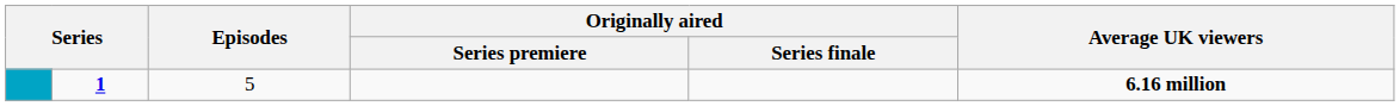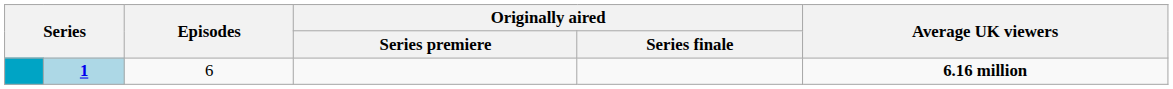 <table class="wikitable" style="text-align:center; width:70%;">
 <tr>
 <th colspan="2" rowspan="2">Series</th>
 <th rowspan="2">Episodes</th>
 <th colspan="2">Originally aired</th>
 <th colspan="2" rowspan="2">Average UK viewers</th>
 </tr>
 <tr>
 <th>Series premiere</th>
 <th>Series finale</th>
 </tr>
 <tr>
 <td style="background:#00A4C5; color:#00A4C5; text-align:center;"></td>
-<td><strong><a href='#'>1</a></strong></td>
-<td>5</td>
+<td style="background: lightblue;"><strong><a href='#'>1</a></strong></td>
+<td>6</td>
 <td></td>
 <td></td>
 <td><strong>6.16 million</strong></td>
 </tr>
 </table>
